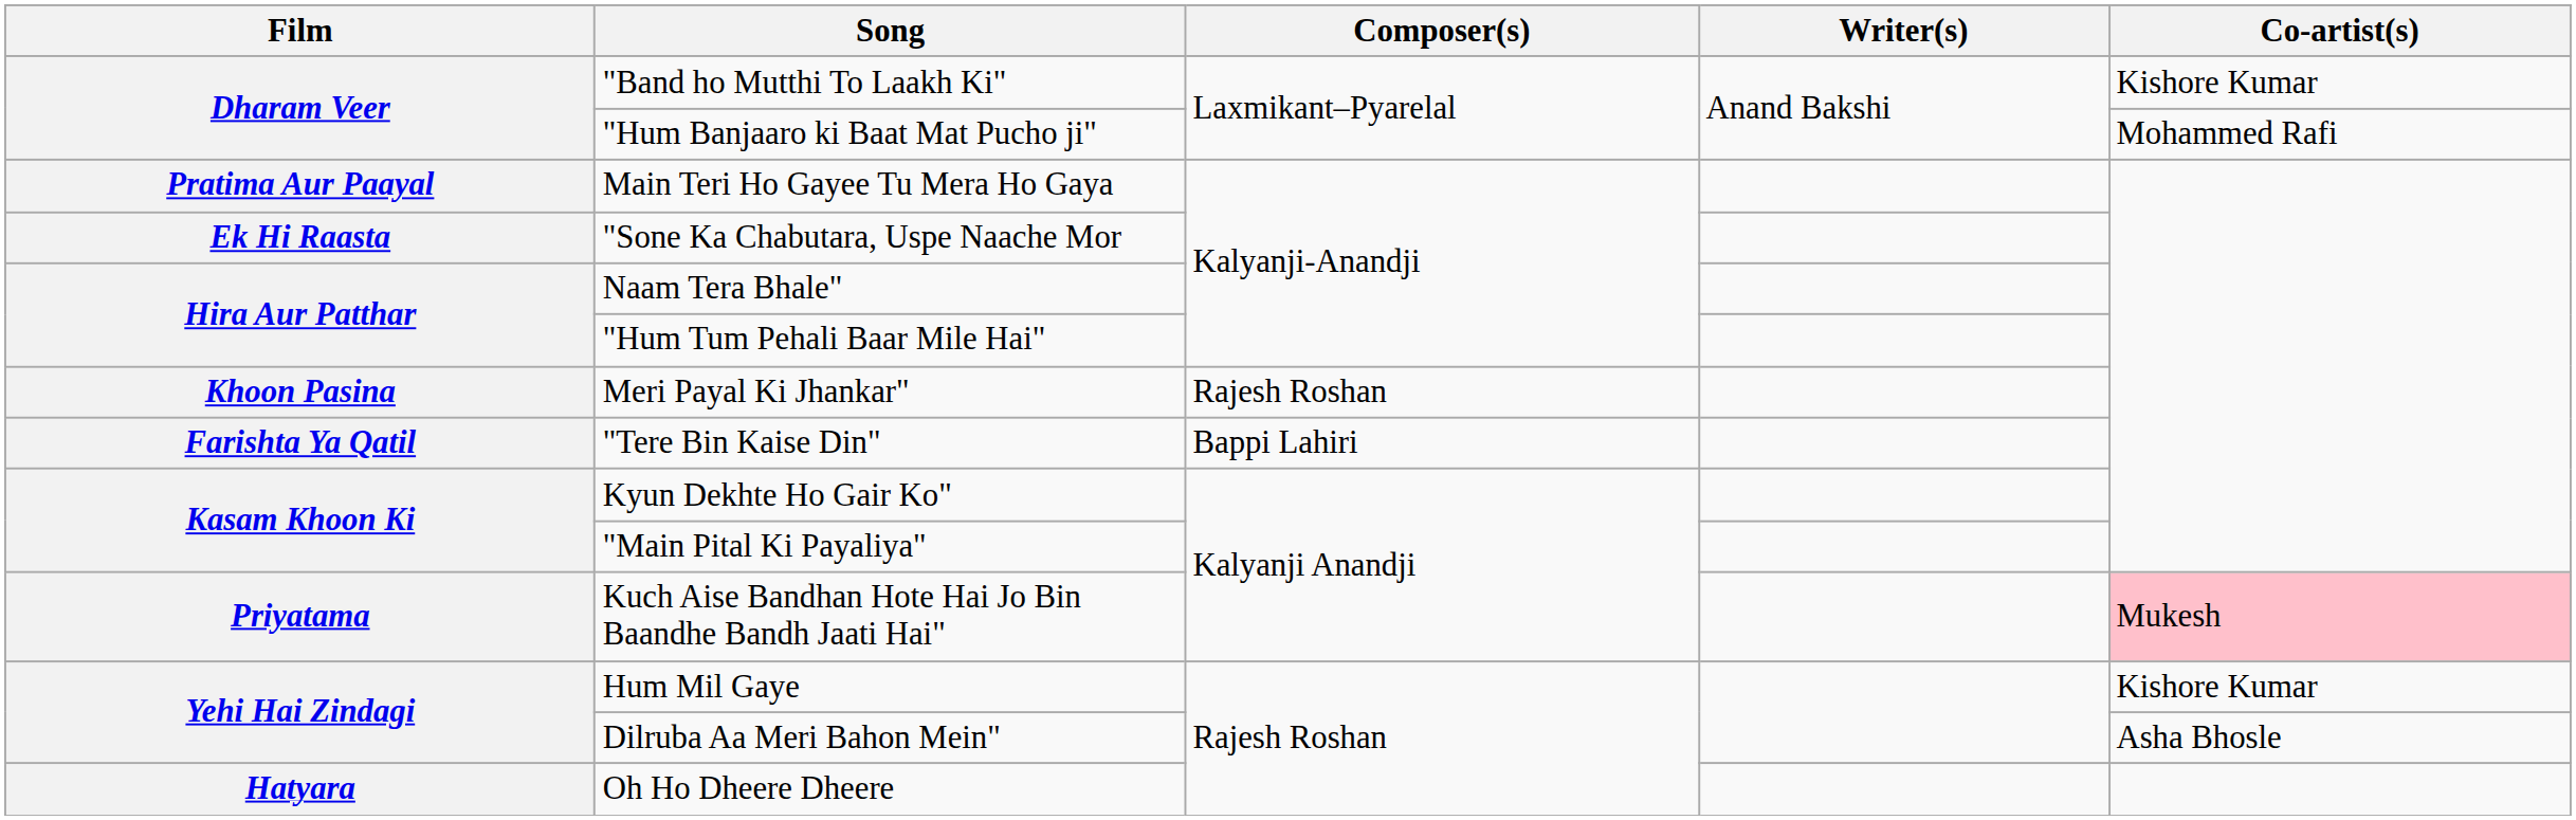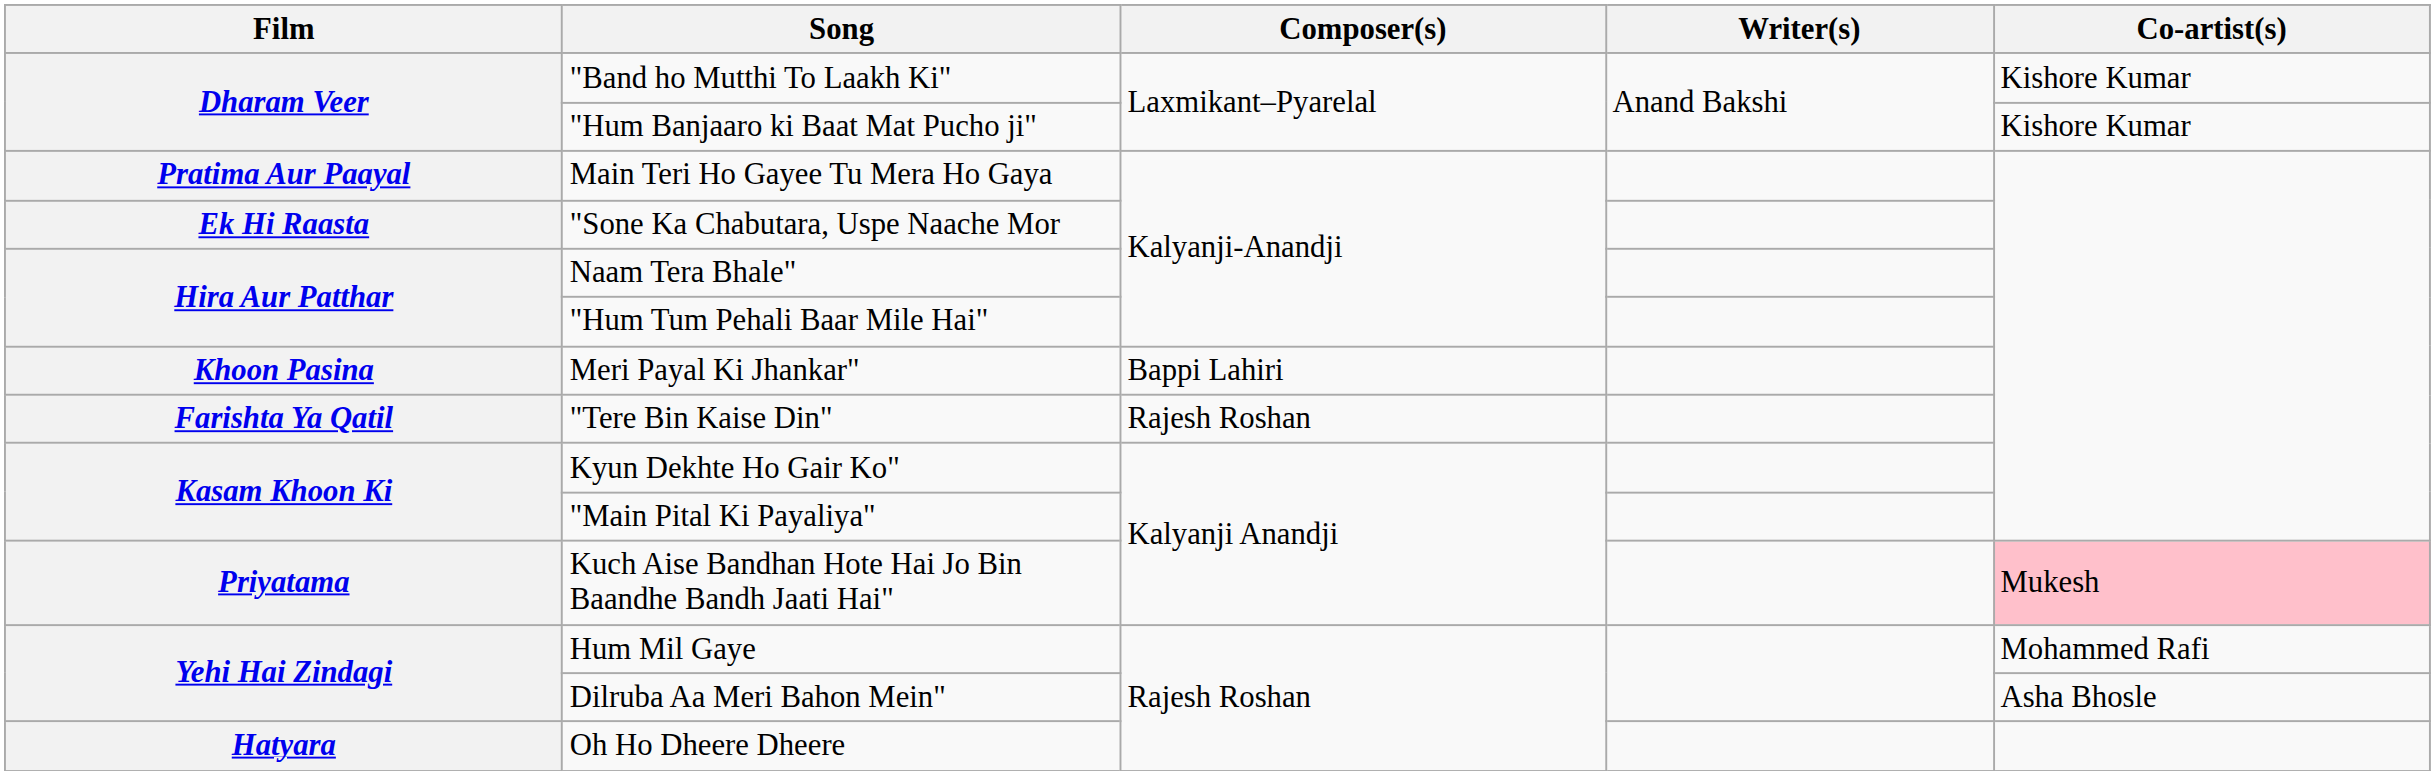 <table class="wikitable plainrowheaders" style="width:100%; textcolor:#000">
 <tr style="background:#b0e0e66;">
 <th scope="col" style="width:23%;"><strong>Film</strong></th>
 <th scope="col" style="width:23%;"><strong>Song</strong></th>
 <th scope="col" style="width:20%;"><strong>Composer(s)</strong></th>
 <th scope="col" style="width:16%;"><strong>Writer(s)</strong></th>
 <th scope="col" style="width:18%;"><strong>Co-artist(s)</strong></th>
 </tr>
 <tr>
 <th rowspan=2><em><a href='#'>Dharam Veer</a></em></th>
 <td>"Band ho Mutthi To Laakh Ki"</td>
 <td rowspan=2>Laxmikant–Pyarelal</td>
 <td rowspan=2>Anand Bakshi</td>
 <td>Kishore Kumar</td>
 </tr>
 <tr>
 <td>"Hum Banjaaro ki Baat Mat Pucho ji"</td>
-<td>Mohammed Rafi</td>
+<td>Kishore Kumar</td>
 </tr>
 <tr>
 <th><em><a href='#'>Pratima Aur Paayal</a></em></th>
 <td>Main Teri Ho Gayee Tu Mera Ho Gaya</td>
 <td rowspan=4>Kalyanji-Anandji</td>
 <td></td>
 <td rowspan=8></td>
 </tr>
 <tr>
 <th><em><a href='#'>Ek Hi Raasta</a></em></th>
 <td>"Sone Ka Chabutara, Uspe Naache Mor</td>
 <td></td>
 </tr>
 <tr>
 <th rowspan=2><em><a href='#'>Hira Aur Patthar</a></em></th>
 <td>Naam Tera Bhale"</td>
 <td></td>
 </tr>
 <tr>
 <td>"Hum Tum Pehali Baar Mile Hai"</td>
 <td></td>
 </tr>
 <tr>
 <th><em><a href='#'>Khoon Pasina</a></em></th>
 <td>Meri Payal Ki Jhankar"</td>
-<td>Rajesh Roshan</td>
+<td>Bappi Lahiri</td>
 <td></td>
 </tr>
 <tr>
 <th><em><a href='#'>Farishta Ya Qatil</a></em></th>
 <td>"Tere Bin Kaise Din"</td>
-<td>Bappi Lahiri</td>
+<td>Rajesh Roshan</td>
 <td></td>
 </tr>
 <tr>
 <th Rowspan=2><em><a href='#'>Kasam Khoon Ki</a></em></th>
 <td>Kyun Dekhte Ho Gair Ko"</td>
 <td rowspan=3>Kalyanji Anandji</td>
 <td></td>
 </tr>
 <tr>
 <td>"Main Pital Ki Payaliya"</td>
 <td></td>
 </tr>
 <tr>
 <th><em><a href='#'>Priyatama</a></em></th>
 <td>Kuch Aise Bandhan Hote Hai Jo Bin Baandhe Bandh Jaati Hai"</td>
 <td></td>
 <td style="background: pink;">Mukesh</td>
 </tr>
 <tr>
 <th Rowspan=2><em><a href='#'>Yehi Hai Zindagi</a></em></th>
 <td>Hum Mil Gaye</td>
 <td rowspan=3>Rajesh Roshan</td>
 <td rowspan=2></td>
-<td>Kishore Kumar</td>
+<td>Mohammed Rafi</td>
 </tr>
 <tr>
 <td>Dilruba Aa Meri Bahon Mein"</td>
 <td>Asha Bhosle</td>
 </tr>
 <tr>
 <th><em><a href='#'>Hatyara</a></em></th>
 <td>Oh Ho Dheere Dheere</td>
 <td></td>
 <td></td>
 </tr>
 </table>
